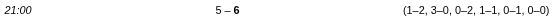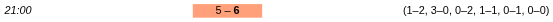 <table style="text-align:center">
 <tr>
 <th width=100></th>
 <th width=200></th>
 <th width=100></th>
 <th width=200></th>
 </tr>
 <tr>
 <td><em>21:00</em></td>
 <td align=right></td>
-<td>5 – <strong>6</strong></td>
+<td style="background: lightsalmon;">5 – <strong>6</strong></td>
 <td align=left><strong></strong></td>
 <td>(1–2, 3–0, 0–2, 1–1, 0–1, 0–0)</td>
 </tr>
 </table>
